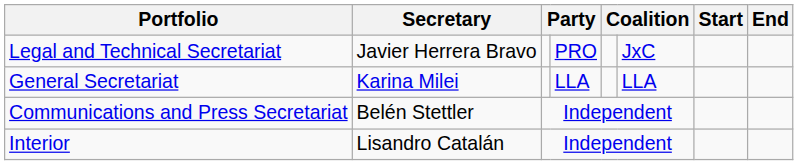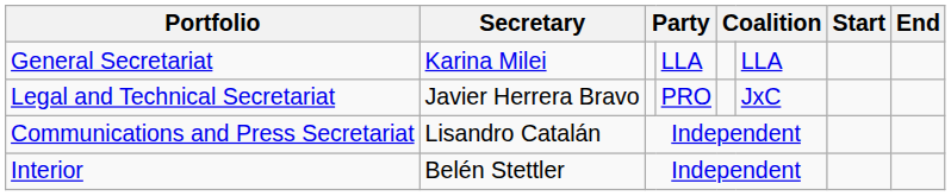 <table class="wikitable">
 <tr>
 <th>Portfolio</th>
 <th>Secretary</th>
 <th colspan="2">Party</th>
 <th colspan="2">Coalition</th>
 <th>Start</th>
 <th>End</th>
+</tr>
+<tr>
+<td><a href='#'>General Secretariat</a></td>
+<td><a href='#'>Karina Milei</a></td>
+<td></td>
+<td><a href='#'>LLA</a></td>
+<td></td>
+<td><a href='#'>LLA</a></td>
+<td></td>
+<td></td>
 </tr>
 <tr>
 <td><a href='#'>Legal and Technical Secretariat</a></td>
 <td>Javier Herrera Bravo</td>
 <td></td>
 <td><a href='#'>PRO</a></td>
 <td></td>
 <td><a href='#'>JxC</a></td>
 <td></td>
 <td></td>
 </tr>
 <tr>
-<td><a href='#'>General Secretariat</a></td>
-<td><a href='#'>Karina Milei</a></td>
-<td></td>
-<td><a href='#'>LLA</a></td>
-<td></td>
-<td><a href='#'>LLA</a></td>
-<td></td>
-<td></td>
-</tr>
-<tr>
 <td><a href='#'>Communications and Press Secretariat</a></td>
-<td>Belén Stettler</td>
+<td>Lisandro Catalán</td>
 <td colspan="4" style="text-align: center;"><a href='#'>Independent</a></td>
 <td></td>
 <td></td>
 </tr>
 <tr>
 <td><a href='#'> Interior</a></td>
-<td>Lisandro Catalán</td>
+<td>Belén Stettler</td>
 <td colspan="4" style="text-align: center;"><a href='#'>Independent</a></td>
 <td></td>
 <td></td>
 </tr>
 </table>
